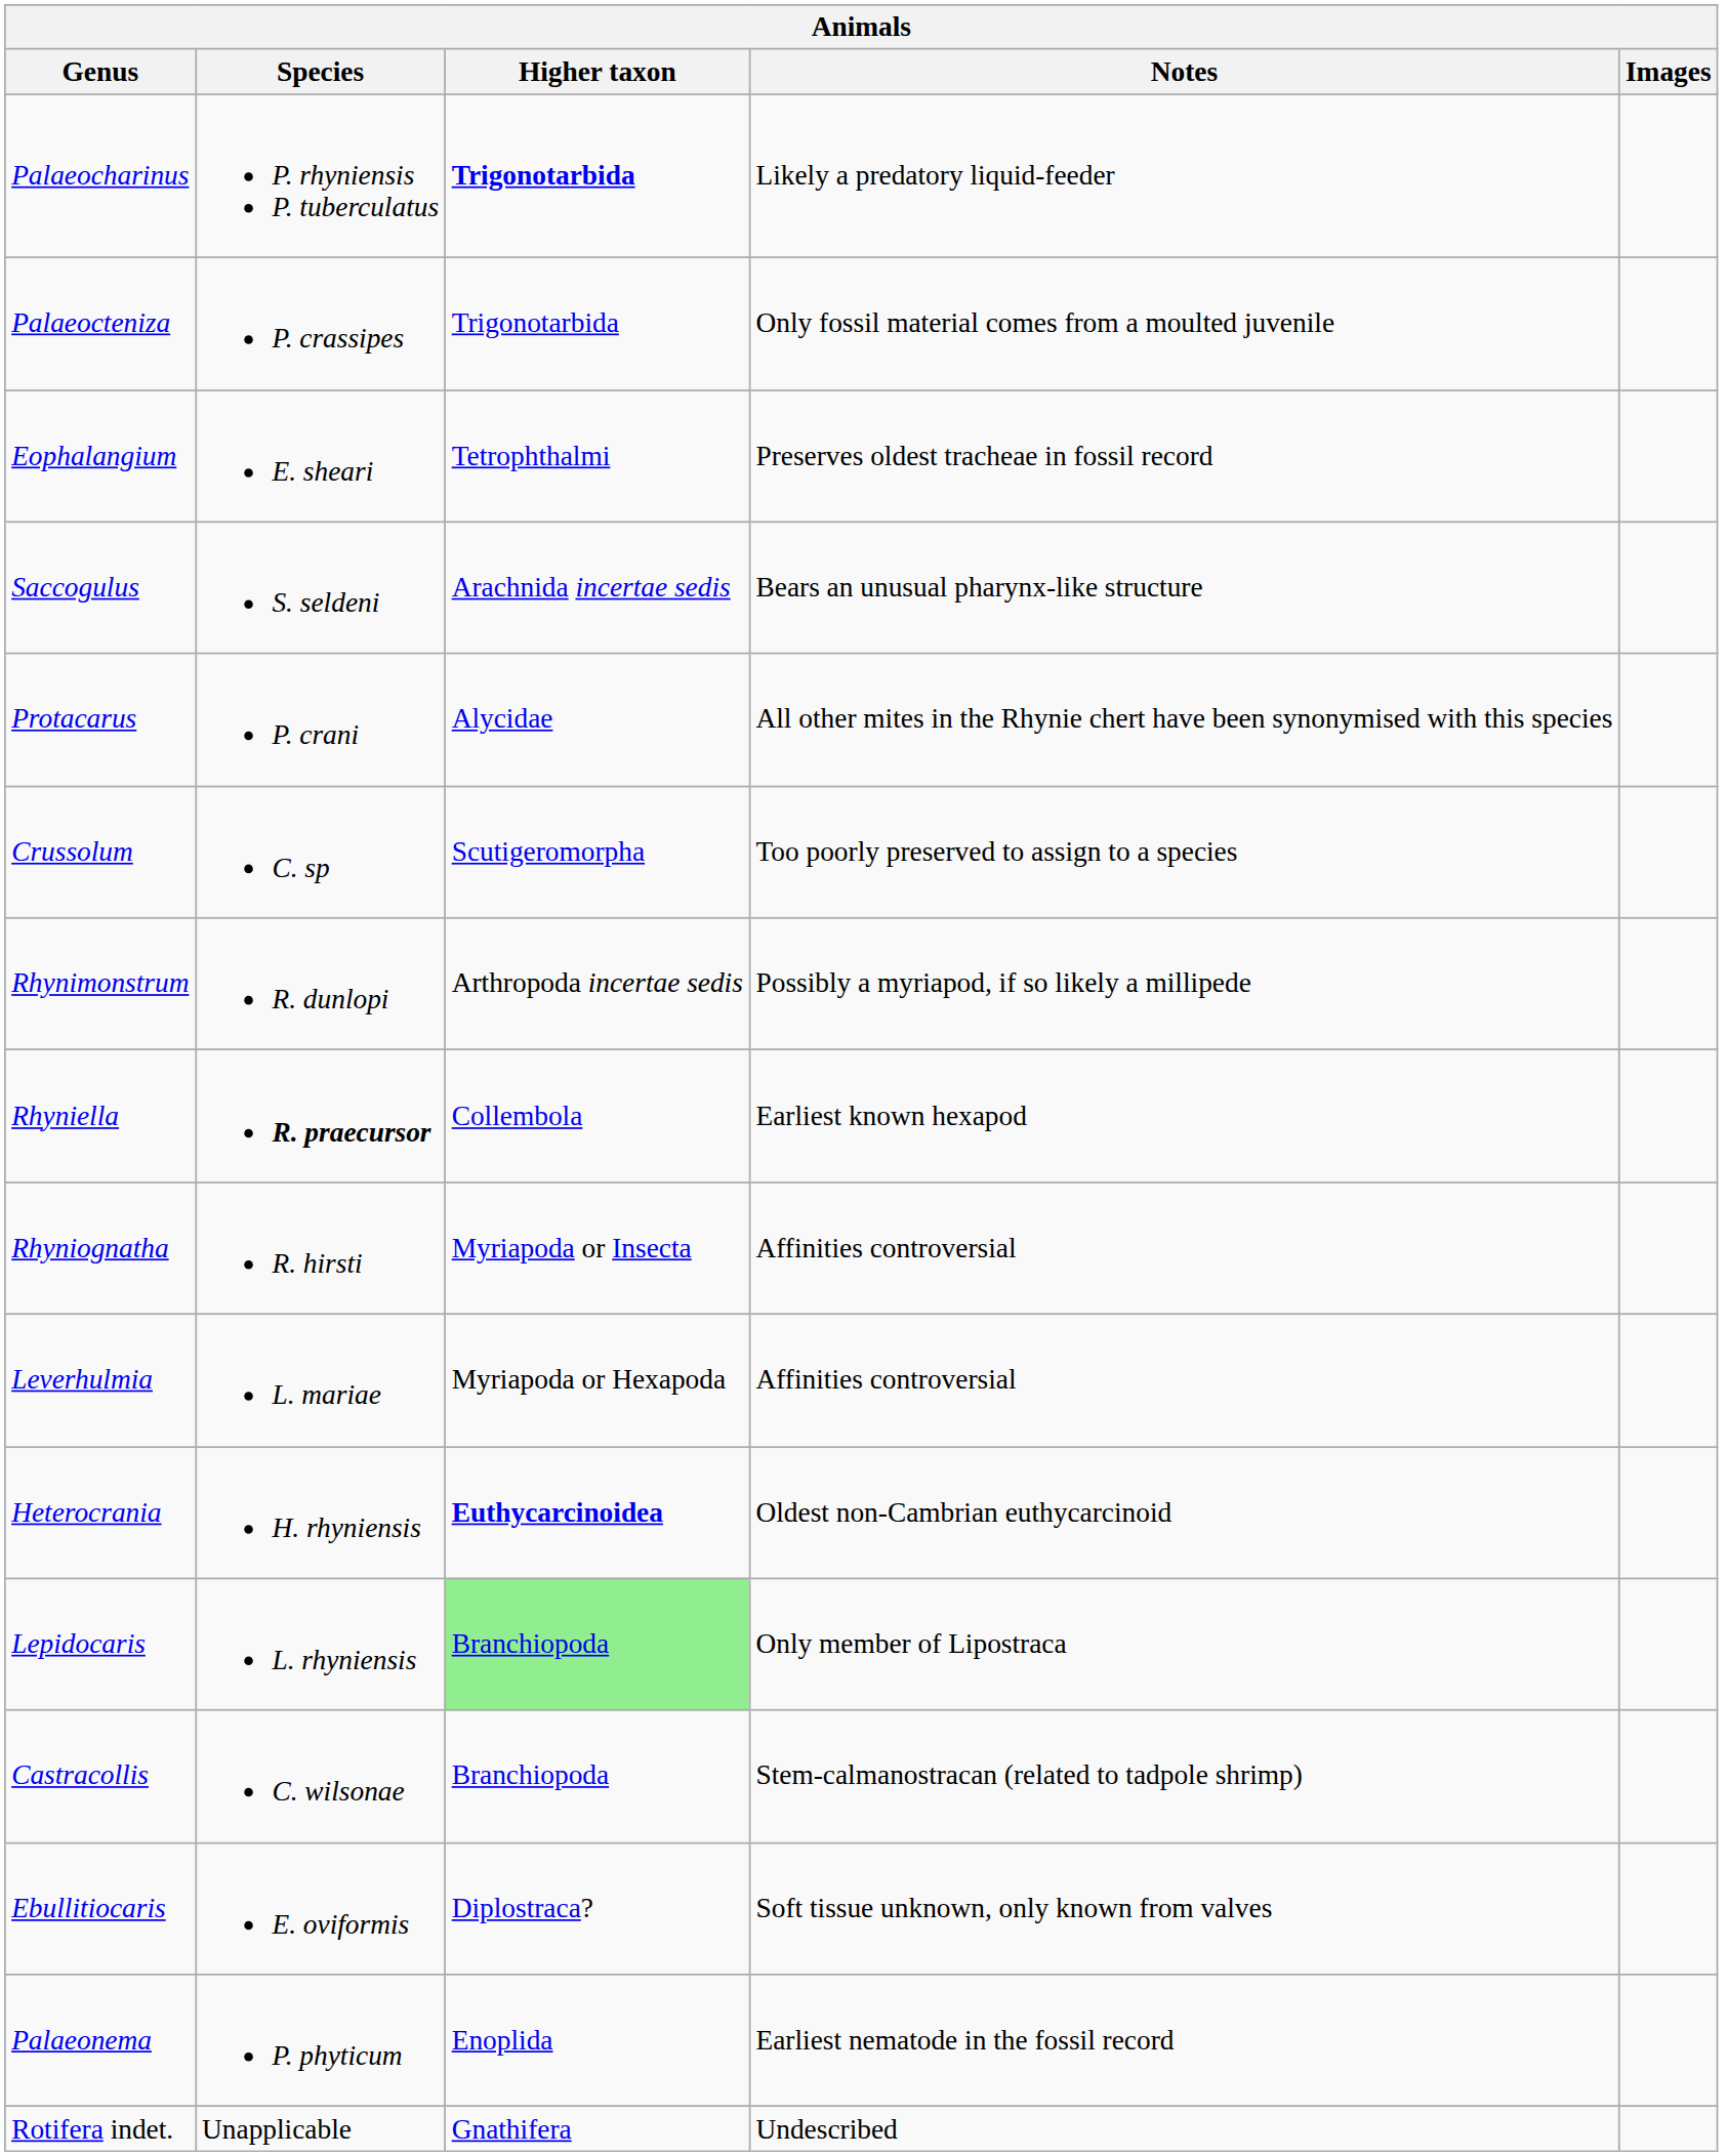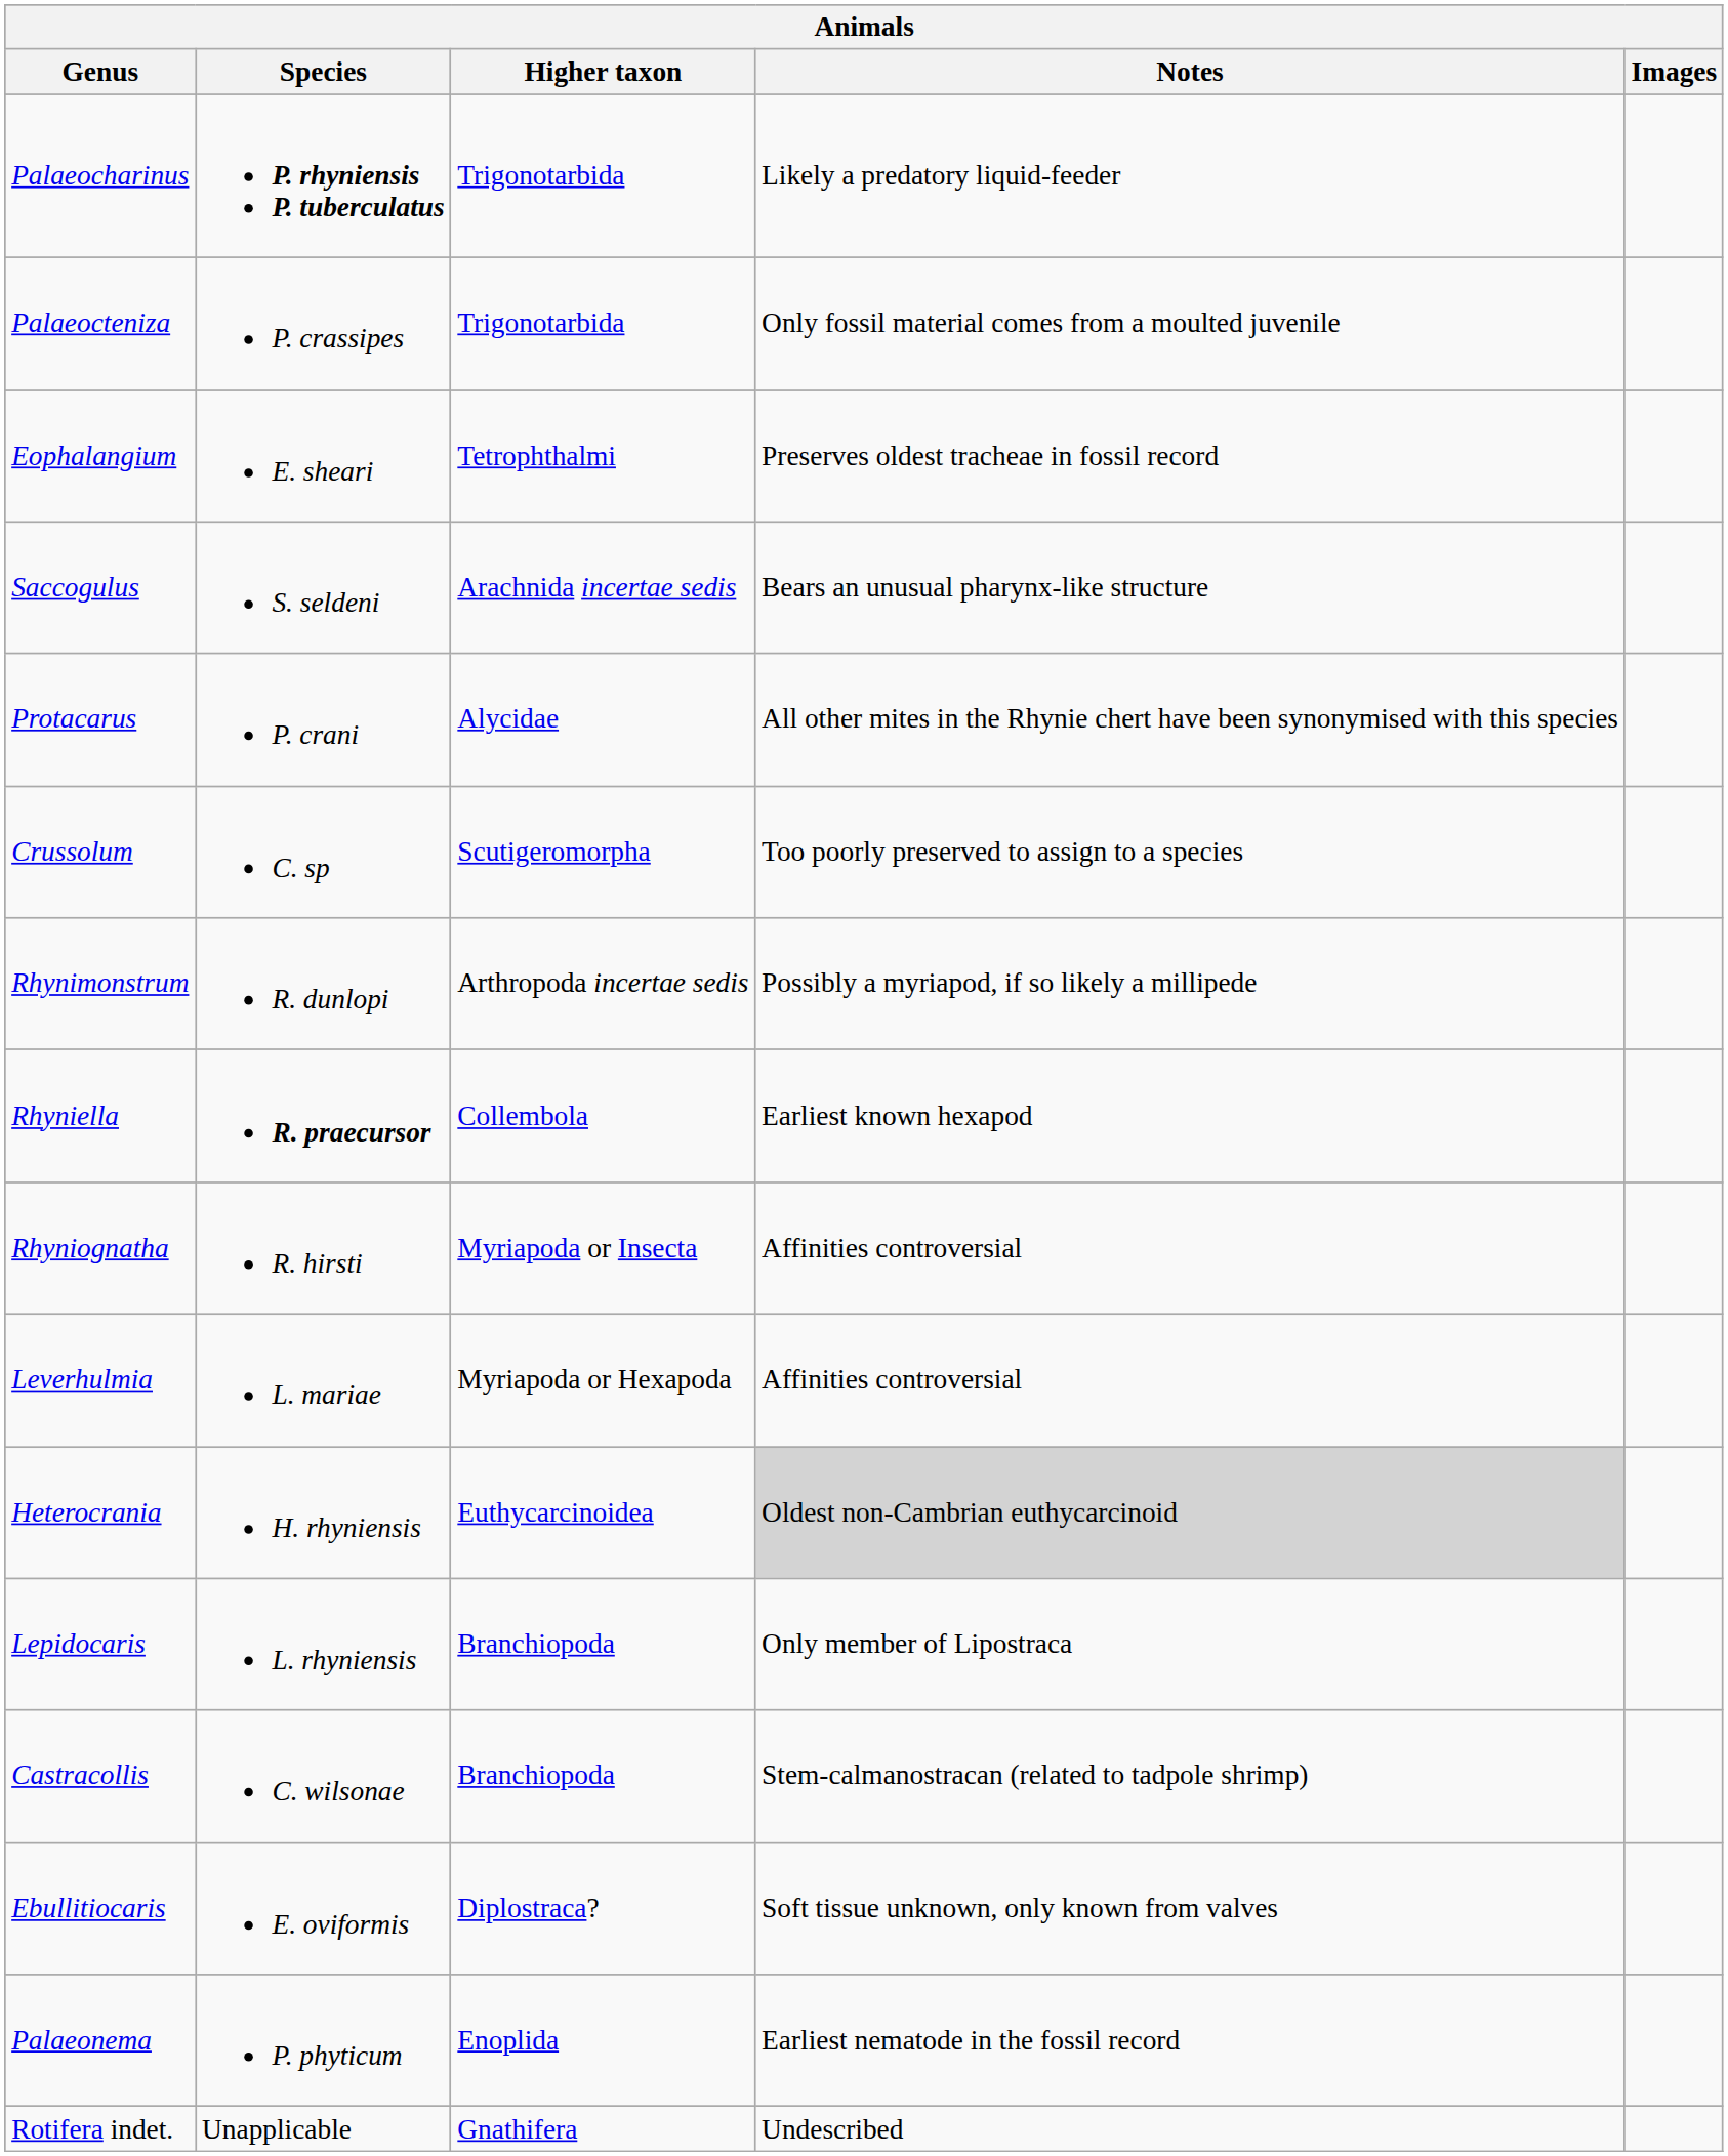 <table class="wikitable sortable mw-collapsible">
 <tr>
 <th colspan="6" align="center">Animals</th>
 </tr>
 <tr>
 <th>Genus</th>
 <th>Species</th>
 <th>Higher taxon</th>
 <th>Notes</th>
 <th>Images</th>
 </tr>
 <tr>
 <td><em><a href='#'>Palaeocharinus</a></em></td>
-<td><br><ul><li><em>P. rhyniensis</em></li><li><em>P. tuberculatus</em></li></ul></td>
-<td><strong><a href='#'>Trigonotarbida</a></strong></td>
+<td><strong><br><ul><li><em>P. rhyniensis</em></li><li><em>P. tuberculatus</em></li></ul></strong></td>
+<td><a href='#'>Trigonotarbida</a></td>
 <td>Likely a predatory liquid-feeder</td>
 <td></td>
 </tr>
 <tr>
 <td><em><a href='#'>Palaeocteniza</a></em></td>
 <td><br><ul><li><em>P. crassipes</em></li></ul></td>
 <td><a href='#'>Trigonotarbida</a></td>
 <td>Only fossil material comes from a moulted juvenile</td>
 <td></td>
 </tr>
 <tr>
 <td><em><a href='#'>Eophalangium</a></em></td>
 <td><br><ul><li><em>E. sheari</em></li></ul></td>
 <td><a href='#'>Tetrophthalmi</a></td>
 <td>Preserves oldest tracheae in fossil record</td>
 <td></td>
 </tr>
 <tr>
 <td><em><a href='#'>Saccogulus</a></em></td>
 <td><br><ul><li><em>S. seldeni</em></li></ul></td>
 <td><a href='#'>Arachnida</a> <em><a href='#'>incertae sedis</a></em></td>
 <td>Bears an unusual pharynx-like structure</td>
 <td></td>
 </tr>
 <tr>
 <td><em><a href='#'>Protacarus</a></em></td>
 <td><br><ul><li><em>P. crani</em></li></ul></td>
 <td><a href='#'>Alycidae</a></td>
 <td>All other mites in the Rhynie chert have been synonymised with this species</td>
 <td></td>
 </tr>
 <tr>
 <td><em><a href='#'>Crussolum</a></em></td>
 <td><br><ul><li><em>C. sp</em></li></ul></td>
 <td><a href='#'>Scutigeromorpha</a></td>
 <td>Too poorly preserved to assign to a species</td>
 <td></td>
 </tr>
 <tr>
 <td><em><a href='#'>Rhynimonstrum</a></em></td>
 <td><br><ul><li><em>R. dunlopi</em></li></ul></td>
 <td>Arthropoda <em>incertae sedis</em></td>
 <td>Possibly a myriapod, if so likely a millipede</td>
 <td></td>
 </tr>
 <tr>
 <td><em><a href='#'>Rhyniella</a></em></td>
 <td><strong><br><ul><li><em>R. praecursor</em></li></ul></strong></td>
 <td><a href='#'>Collembola</a></td>
 <td>Earliest known hexapod</td>
 <td></td>
 </tr>
 <tr>
 <td><em><a href='#'>Rhyniognatha</a></em></td>
 <td><br><ul><li><em>R. hirsti</em></li></ul></td>
 <td><a href='#'>Myriapoda</a> or <a href='#'>Insecta</a></td>
 <td>Affinities controversial</td>
 <td></td>
 </tr>
 <tr>
 <td><em><a href='#'>Leverhulmia</a></em></td>
 <td><br><ul><li><em>L. mariae</em></li></ul></td>
 <td>Myriapoda or Hexapoda</td>
 <td>Affinities controversial</td>
 <td></td>
 </tr>
 <tr>
 <td><em><a href='#'>Heterocrania</a></em></td>
 <td><br><ul><li><em>H. rhyniensis</em></li></ul></td>
-<td><strong><a href='#'>Euthycarcinoidea</a></strong></td>
-<td>Oldest non-Cambrian euthycarcinoid</td>
+<td><a href='#'>Euthycarcinoidea</a></td>
+<td style="background: lightgrey;">Oldest non-Cambrian euthycarcinoid</td>
 <td></td>
 </tr>
 <tr>
 <td><em><a href='#'>Lepidocaris</a></em></td>
 <td><br><ul><li><em>L. rhyniensis</em></li></ul></td>
-<td style="background: lightgreen;"><a href='#'>Branchiopoda</a></td>
+<td><a href='#'>Branchiopoda</a></td>
 <td>Only member of Lipostraca</td>
 <td></td>
 </tr>
 <tr>
 <td><em><a href='#'>Castracollis</a></em></td>
 <td><br><ul><li><em>C. wilsonae</em></li></ul></td>
 <td><a href='#'>Branchiopoda</a></td>
 <td>Stem-calmanostracan (related to tadpole shrimp)</td>
 <td></td>
 </tr>
 <tr>
 <td><em><a href='#'>Ebullitiocaris</a></em></td>
 <td><br><ul><li><em>E. oviformis</em></li></ul></td>
 <td><a href='#'>Diplostraca</a>?</td>
 <td>Soft tissue unknown, only known from valves</td>
 <td></td>
 </tr>
 <tr>
 <td><em><a href='#'>Palaeonema</a></em></td>
 <td><br><ul><li><em>P. phyticum</em></li></ul></td>
 <td><a href='#'>Enoplida</a></td>
 <td>Earliest nematode in the fossil record</td>
 <td></td>
 </tr>
 <tr>
 <td><a href='#'>Rotifera</a> indet.</td>
 <td>Unapplicable</td>
 <td><a href='#'>Gnathifera</a></td>
 <td>Undescribed</td>
 <td></td>
 </tr>
 <tr>
 </tr>
 </table>
